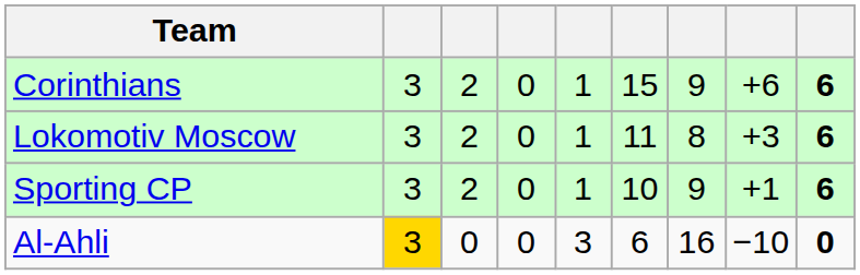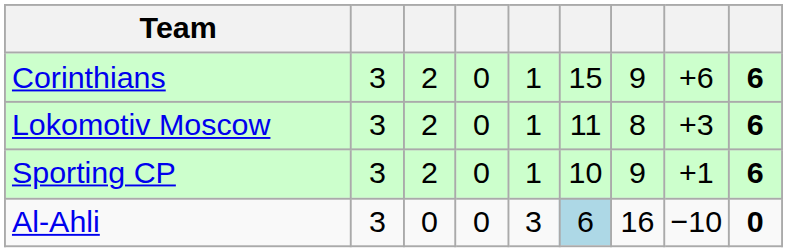 <table class="wikitable" style="text-align: center;">
 <tr>
 <th width="175">Team</th>
 <th width="20"></th>
 <th width="20"></th>
 <th width="20"></th>
 <th width="20"></th>
 <th width="20"></th>
 <th width="20"></th>
 <th width="20"></th>
 <th width="20"></th>
 </tr>
 <tr style="background-color: #ccffcc;">
 <td align=left> <a href='#'>Corinthians</a></td>
 <td>3</td>
 <td>2</td>
 <td>0</td>
 <td>1</td>
 <td>15</td>
 <td>9</td>
 <td>+6</td>
 <td><strong>6</strong></td>
 </tr>
 <tr style="background-color: #ccffcc;">
 <td align=left> <a href='#'>Lokomotiv Moscow</a></td>
 <td>3</td>
 <td>2</td>
 <td>0</td>
 <td>1</td>
 <td>11</td>
 <td>8</td>
 <td>+3</td>
 <td><strong>6</strong></td>
 </tr>
 <tr style="background-color: #ccffcc;">
 <td align=left> <a href='#'>Sporting CP</a></td>
 <td>3</td>
 <td>2</td>
 <td>0</td>
 <td>1</td>
 <td>10</td>
 <td>9</td>
 <td>+1</td>
 <td><strong>6</strong></td>
 </tr>
 <tr>
 <td align=left> <a href='#'>Al-Ahli</a></td>
-<td style="background: gold;">3</td>
+<td>3</td>
 <td>0</td>
 <td>0</td>
 <td>3</td>
-<td>6</td>
+<td style="background: lightblue;">6</td>
 <td>16</td>
 <td>−10</td>
 <td><strong>0</strong></td>
 </tr>
 </table>
